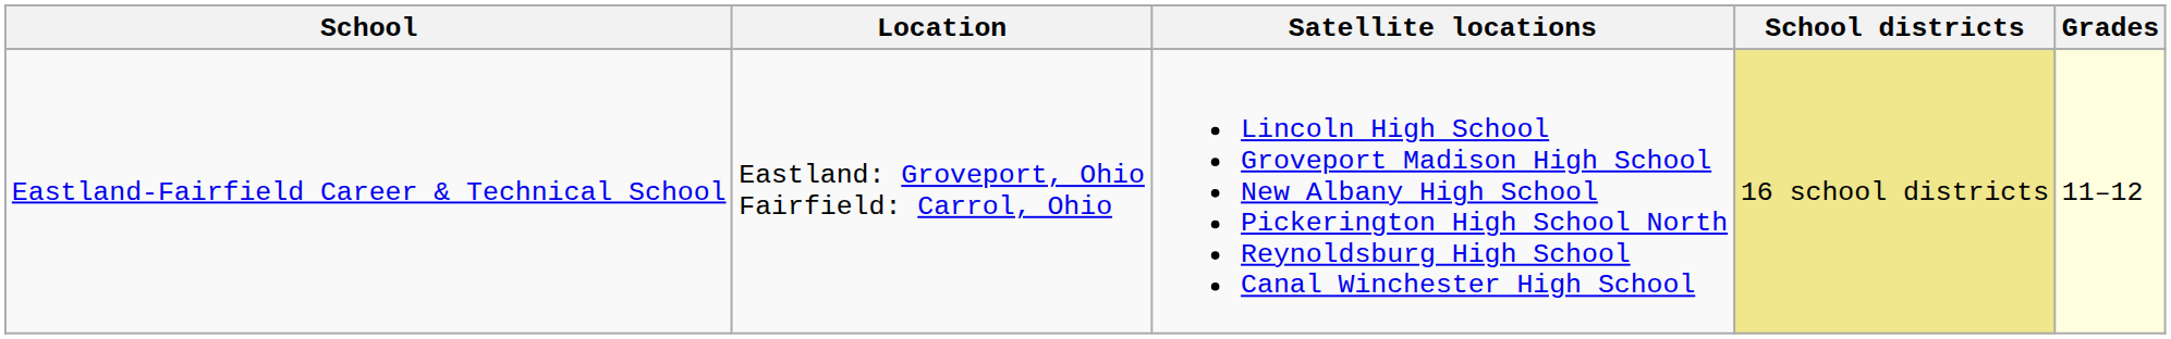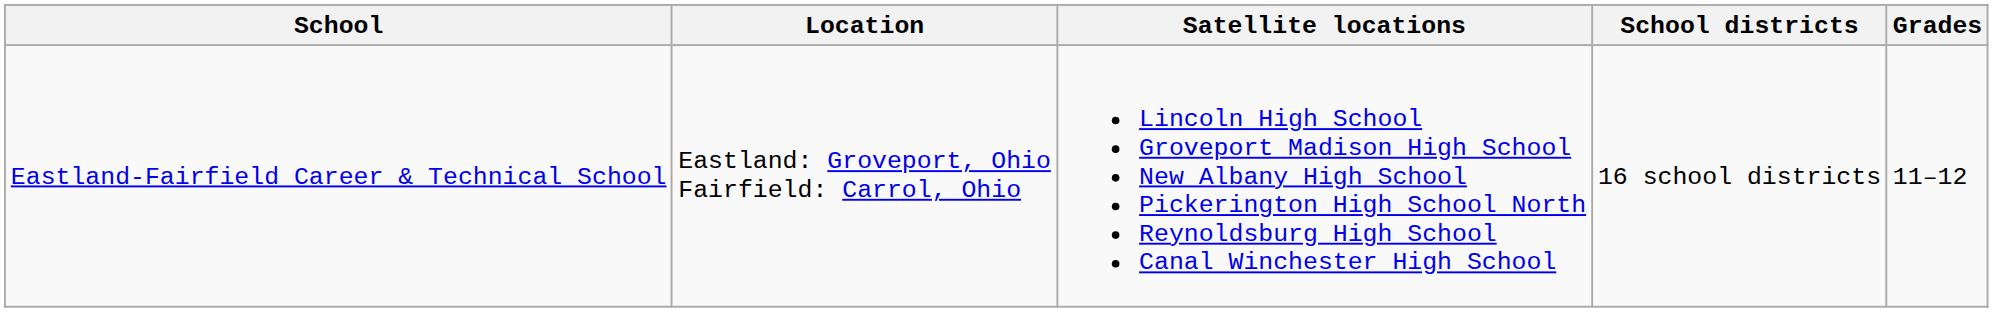 <table class="wikitable">
 <tr>
 <th>School</th>
 <th>Location</th>
 <th>Satellite locations</th>
 <th>School districts</th>
 <th>Grades</th>
 </tr>
 <tr>
 <td><a href='#'>Eastland-Fairfield Career & Technical School</a></td>
 <td>Eastland: <a href='#'>Groveport, Ohio</a><br>Fairfield: <a href='#'>Carrol, Ohio</a></td>
 <td><br><ul><li><a href='#'>Lincoln High School</a></li><li><a href='#'>Groveport Madison High School</a></li><li><a href='#'>New Albany High School</a></li><li><a href='#'>Pickerington High School North</a></li><li><a href='#'>Reynoldsburg High School</a></li><li><a href='#'>Canal Winchester High School</a></li></ul></td>
-<td style="background: khaki;">16 school districts</td>
-<td style="background: lightyellow;">11–12</td>
+<td>16 school districts</td>
+<td>11–12</td>
 </tr>
 </table>
